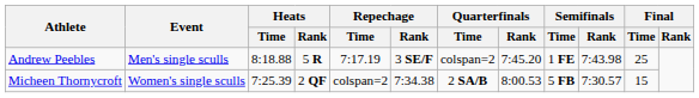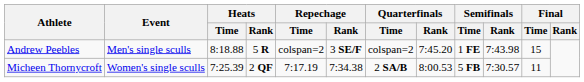 <table class="wikitable" style="font-size:90%">
 <tr>
 <th rowspan="2">Athlete</th>
 <th rowspan="2">Event</th>
 <th colspan="2">Heats</th>
 <th colspan="2">Repechage</th>
 <th colspan="2">Quarterfinals</th>
 <th colspan="2">Semifinals</th>
 <th colspan="2">Final</th>
 </tr>
 <tr style="font-size:95%">
 <th>Time</th>
 <th>Rank</th>
 <th>Time</th>
 <th>Rank</th>
 <th>Time</th>
 <th>Rank</th>
 <th>Time</th>
 <th>Rank</th>
 <th>Time</th>
 <th>Rank</th>
 </tr>
 <tr align=center>
 <td align=left><a href='#'>Andrew Peebles</a></td>
 <td align=left><a href='#'>Men's single sculls</a></td>
 <td>8:18.88</td>
 <td>5 <strong>R</strong></td>
-<td>7:17.19</td>
+<td>colspan=2 </td>
 <td>3 <strong>SE/F</strong></td>
 <td>colspan=2 </td>
 <td>7:45.20</td>
 <td>1 <strong>FE</strong></td>
 <td>7:43.98</td>
-<td>25</td>
+<td>15</td>
 </tr>
 <tr align=center>
 <td align=left><a href='#'>Micheen Thornycroft</a></td>
 <td align=left><a href='#'>Women's single sculls</a></td>
 <td>7:25.39</td>
 <td>2 <strong>QF</strong></td>
-<td>colspan=2 </td>
+<td>7:17.19</td>
 <td>7:34.38</td>
 <td>2 <strong>SA/B</strong></td>
 <td>8:00.53</td>
 <td>5 <strong>FB</strong></td>
 <td>7:30.57</td>
-<td>15</td>
+<td>11</td>
 </tr>
 </table>
